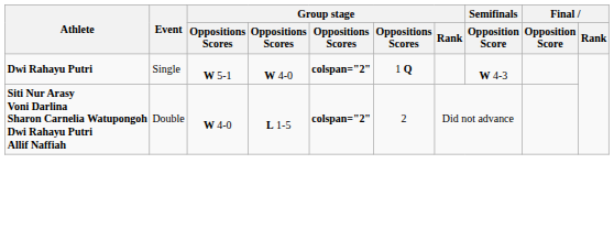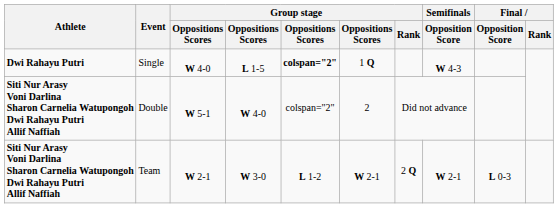 <table class="wikitable" style="font-size:85%; text-align:center">
 <tr>
 <th rowspan=2>Athlete</th>
 <th rowspan=2>Event</th>
 <th colspan=5>Group stage</th>
 <th>Semifinals</th>
 <th colspan=2>Final / </th>
 </tr>
 <tr>
 <th>Oppositions<br>Scores</th>
 <th>Oppositions<br>Scores</th>
 <th>Oppositions<br>Scores</th>
 <th>Oppositions<br>Scores</th>
 <th>Rank</th>
 <th>Opposition<br>Score</th>
 <th>Opposition<br>Score</th>
 <th>Rank</th>
 </tr>
 <tr>
 <td align="left"><strong>Dwi Rahayu Putri</strong></td>
 <td align="left">Single</td>
-<td><br><strong>W</strong> 5-1</td>
 <td><br><strong>W</strong> 4-0</td>
+<td><br><strong>L</strong> 1-5</td>
 <td><strong>colspan="2"</strong></td>
 <td>1 <strong>Q</strong></td>
 <td></td>
 <td><br><strong>W</strong> 4-3</td>
 <td></td>
 </tr>
 <tr>
 <td align="left"><strong>Siti Nur Arasy<br>Voni Darlina<br>Sharon Carnelia Watupongoh<br>Dwi Rahayu Putri<br>Allif Naffiah</strong></td>
 <td align="left">Double</td>
+<td><br><strong>W</strong> 5-1</td>
 <td><br><strong>W</strong> 4-0</td>
-<td><br><strong>L</strong> 1-5</td>
-<td><strong>colspan="2" </strong></td>
+<td>colspan="2" </td>
 <td>2</td>
 <td colspan="2">Did not advance</td>
 <td></td>
 </tr>
+<tr>
+<td align="left"><strong>Siti Nur Arasy<br>Voni Darlina<br>Sharon Carnelia Watupongoh<br>Dwi Rahayu Putri<br>Allif Naffiah</strong></td>
+<td align="left">Team</td>
+<td><br><strong>W</strong> 2-1</td>
+<td><br><strong>W</strong> 3-0</td>
+<td><br><strong>L</strong> 1-2</td>
+<td><br><strong>W</strong> 2-1</td>
+<td>2 <strong>Q</strong></td>
+<td><br><strong>W</strong> 2-1</td>
+<td><br><strong>L</strong> 0-3</td>
+<td></td>
+</tr>
 </table>
